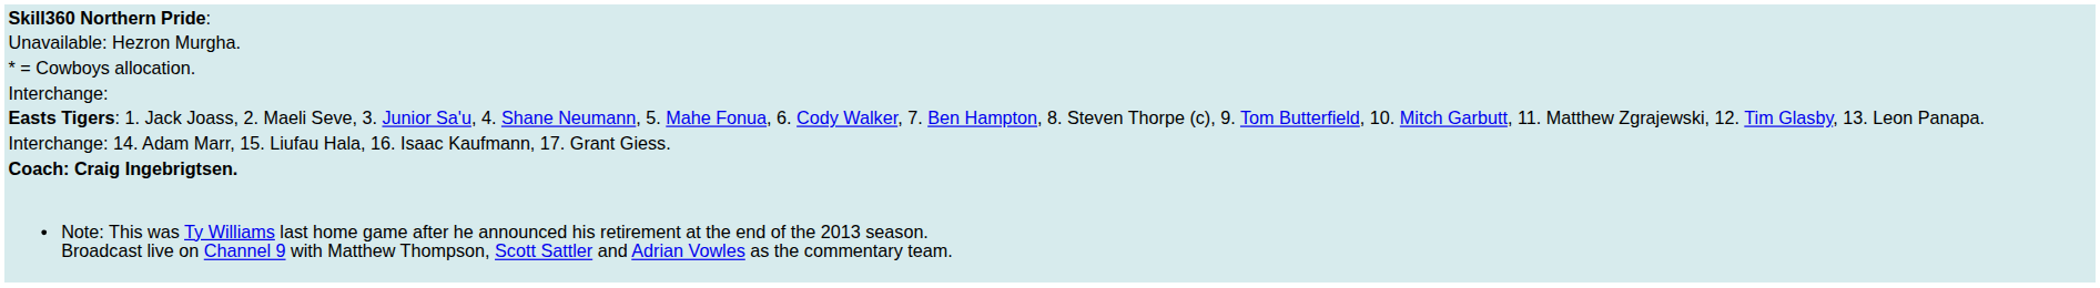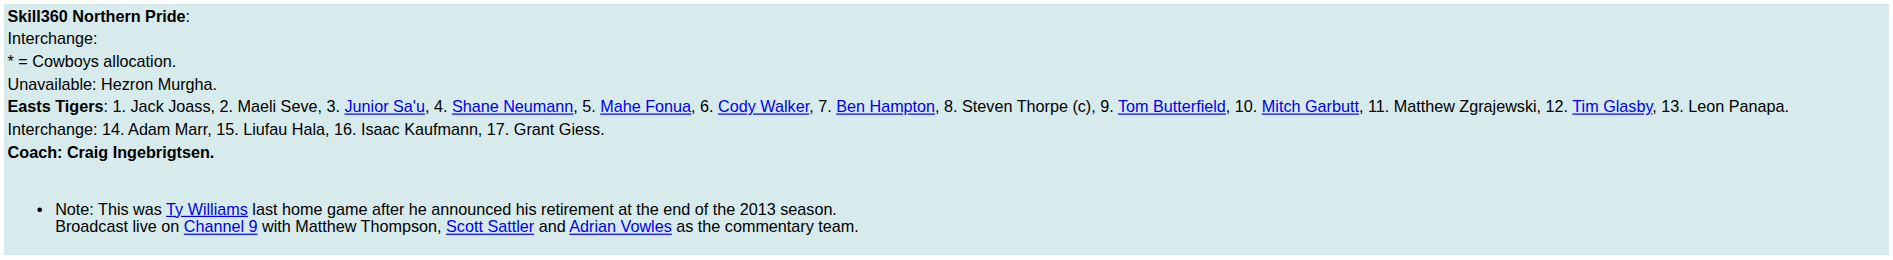 <table style="background:#d7ebed; font-size:85%; width:100%;">
 <tr>
 <td><strong>Skill360 Northern Pride</strong>:             </td>
 </tr>
 <tr>
-<td>Unavailable: Hezron Murgha.</td>
+<td>Interchange:    </td>
 </tr>
 <tr>
 <td>* = Cowboys allocation.</td>
 </tr>
 <tr>
-<td>Interchange:    </td>
+<td>Unavailable: Hezron Murgha.</td>
 </tr>
 <tr>
 <td><strong>Easts Tigers</strong>: 1. Jack Joass, 2. Maeli Seve, 3. <a href='#'>Junior Sa'u</a>, 4. <a href='#'>Shane Neumann</a>, 5. <a href='#'>Mahe Fonua</a>, 6. <a href='#'>Cody Walker</a>, 7. <a href='#'>Ben Hampton</a>, 8. Steven Thorpe (c), 9. <a href='#'>Tom Butterfield</a>, 10. <a href='#'>Mitch Garbutt</a>, 11. Matthew Zgrajewski, 12. <a href='#'>Tim Glasby</a>, 13. Leon Panapa.</td>
 </tr>
 <tr>
 <td>Interchange: 14. Adam Marr, 15. Liufau Hala, 16. Isaac Kaufmann, 17. Grant Giess.</td>
 </tr>
 <tr>
 <td><strong>Coach: Craig Ingebrigtsen.</strong></td>
 </tr>
 <tr>
 <td><br><ul><li>Note: This was <a href='#'>Ty Williams</a> last home game after he announced his retirement at the end of the 2013 season.<br>Broadcast live on <a href='#'>Channel 9</a> with Matthew Thompson, <a href='#'>Scott Sattler</a> and <a href='#'>Adrian Vowles</a> as the commentary team.</li></ul></td>
 </tr>
 </table>
